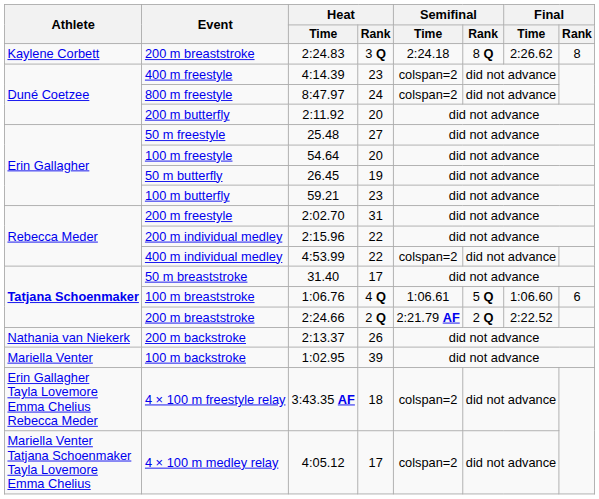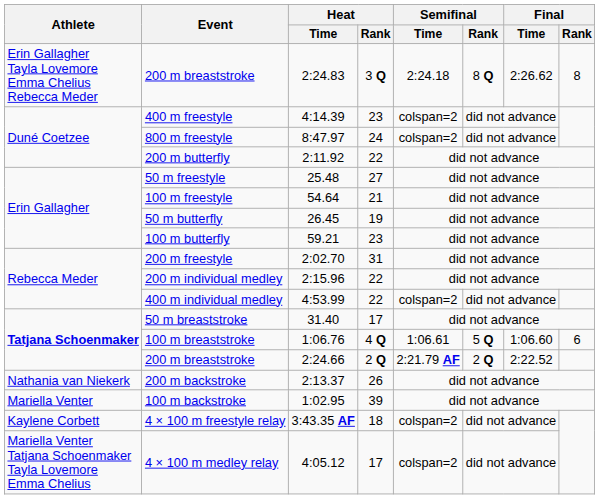 <table class=wikitable style="font-size:90%">
 <tr>
 <th rowspan="2">Athlete</th>
 <th rowspan="2">Event</th>
 <th colspan="2">Heat</th>
 <th colspan="2">Semifinal</th>
 <th colspan="2">Final</th>
 </tr>
 <tr style="font-size:95%">
 <th>Time</th>
 <th>Rank</th>
 <th>Time</th>
 <th>Rank</th>
 <th>Time</th>
 <th>Rank</th>
 </tr>
 <tr align=center>
-<td align=left><a href='#'>Kaylene Corbett</a></td>
+<td align=left><a href='#'>Erin Gallagher</a> <br><a href='#'>Tayla Lovemore</a><br><a href='#'>Emma Chelius</a><br><a href='#'>Rebecca Meder</a></td>
 <td align=left><a href='#'>200 m breaststroke</a></td>
 <td>2:24.83</td>
 <td>3 <strong>Q</strong></td>
 <td>2:24.18</td>
 <td>8 <strong>Q</strong></td>
 <td>2:26.62</td>
 <td>8</td>
 </tr>
 <tr align=center>
 <td align=left rowspan=3><a href='#'>Duné Coetzee</a></td>
 <td align=left><a href='#'>400 m freestyle</a></td>
 <td>4:14.39</td>
 <td>23</td>
 <td>colspan=2</td>
 <td colspan=2>did not advance</td>
 </tr>
 <tr align=center>
 <td align=left><a href='#'>800 m freestyle</a></td>
 <td>8:47.97</td>
 <td>24</td>
 <td>colspan=2</td>
 <td colspan=2>did not advance</td>
 </tr>
 <tr align=center>
 <td align=left><a href='#'>200 m butterfly</a></td>
 <td>2:11.92</td>
-<td>20</td>
+<td>22</td>
 <td colspan=4>did not advance</td>
 </tr>
 <tr align=center>
 <td align=left rowspan=4><a href='#'>Erin Gallagher</a></td>
 <td align=left><a href='#'>50 m freestyle</a></td>
 <td>25.48</td>
 <td>27</td>
 <td colspan=4>did not advance</td>
 </tr>
 <tr align=center>
 <td align=left><a href='#'>100 m freestyle</a></td>
 <td>54.64</td>
-<td>20</td>
+<td>21</td>
 <td colspan=4>did not advance</td>
 </tr>
 <tr align=center>
 <td align=left><a href='#'>50 m butterfly</a></td>
 <td>26.45</td>
 <td>19</td>
 <td colspan=4>did not advance</td>
 </tr>
 <tr align=center>
 <td align=left><a href='#'>100 m butterfly</a></td>
 <td>59.21</td>
 <td>23</td>
 <td colspan=4>did not advance</td>
 </tr>
 <tr align=center>
 <td align=left rowspan=3><a href='#'>Rebecca Meder</a></td>
 <td align=left><a href='#'>200 m freestyle</a></td>
 <td>2:02.70</td>
 <td>31</td>
 <td colspan=4>did not advance</td>
 </tr>
 <tr align=center>
 <td align=left><a href='#'>200 m individual medley</a></td>
 <td>2:15.96</td>
 <td>22</td>
 <td colspan=4>did not advance</td>
 </tr>
 <tr align=center>
 <td align=left><a href='#'>400 m individual medley</a></td>
 <td>4:53.99</td>
 <td>22</td>
 <td>colspan=2 </td>
 <td colspan=2>did not advance</td>
 </tr>
 <tr align=center>
 <td align=left rowspan=3><strong><a href='#'>Tatjana Schoenmaker</a></strong></td>
 <td align=left><a href='#'>50 m breaststroke</a></td>
 <td>31.40</td>
 <td>17</td>
 <td colspan=4>did not advance</td>
 </tr>
 <tr align=center>
 <td align=left><a href='#'>100 m breaststroke</a></td>
 <td>1:06.76</td>
 <td>4 <strong>Q</strong></td>
 <td>1:06.61</td>
 <td>5 <strong>Q</strong></td>
 <td>1:06.60</td>
 <td>6</td>
 </tr>
 <tr align=center>
 <td align=left><a href='#'>200 m breaststroke</a></td>
 <td>2:24.66</td>
 <td>2 <strong>Q</strong></td>
 <td>2:21.79 <strong><a href='#'>AF</a></strong></td>
 <td>2 <strong>Q</strong></td>
 <td>2:22.52</td>
 <td></td>
 </tr>
 <tr align=center>
 <td align=left><a href='#'>Nathania van Niekerk</a></td>
 <td align=left><a href='#'>200 m backstroke</a></td>
 <td>2:13.37</td>
 <td>26</td>
 <td colspan=4>did not advance</td>
 </tr>
 <tr align=center>
 <td align=left><a href='#'>Mariella Venter</a></td>
 <td align=left><a href='#'>100 m backstroke</a></td>
 <td>1:02.95</td>
 <td>39</td>
 <td colspan=4>did not advance</td>
 </tr>
 <tr align=center>
-<td align=left><a href='#'>Erin Gallagher</a> <br><a href='#'>Tayla Lovemore</a><br><a href='#'>Emma Chelius</a><br><a href='#'>Rebecca Meder</a></td>
+<td align=left><a href='#'>Kaylene Corbett</a></td>
 <td align=left><a href='#'>4 × 100 m freestyle relay</a></td>
 <td>3:43.35 <strong><a href='#'>AF</a></strong></td>
 <td>18</td>
 <td>colspan=2 </td>
 <td colspan=2>did not advance</td>
 </tr>
 <tr align=center>
 <td align=left><a href='#'>Mariella Venter</a><br><a href='#'>Tatjana Schoenmaker</a><br><a href='#'>Tayla Lovemore</a><br><a href='#'>Emma Chelius</a></td>
 <td align=left><a href='#'>4 × 100 m medley relay</a></td>
 <td>4:05.12</td>
 <td>17</td>
 <td>colspan=2 </td>
 <td colspan=2>did not advance</td>
 </tr>
 </table>
